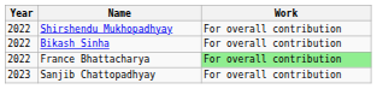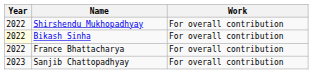 <table class="wikitable" width="80%" align="center">
 <tr>
 <th>Year</th>
 <th>Name</th>
 <th>Work</th>
 </tr>
 <tr>
 <td>2022</td>
 <td><a href='#'>Shirshendu Mukhopadhyay</a></td>
 <td>For overall contribution</td>
 </tr>
 <tr>
-<td>2022</td>
+<td style="background: lightyellow;">2022</td>
 <td><a href='#'>Bikash Sinha</a></td>
 <td>For overall contribution</td>
 </tr>
 <tr>
 <td>2022</td>
 <td>France Bhattacharya</td>
-<td style="background: lightgreen;">For overall contribution</td>
+<td>For overall contribution</td>
 </tr>
 <tr>
 <td>2023</td>
 <td>Sanjib Chattopadhyay</td>
 <td>For overall contribution</td>
 </tr>
 </table>
